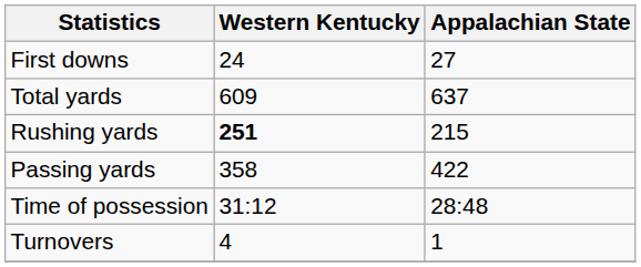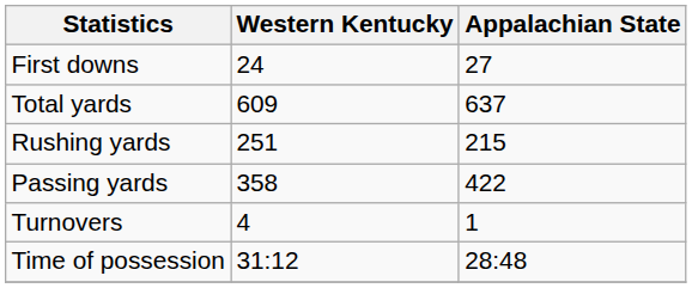 <table class="wikitable">
 <tr>
 <th>Statistics</th>
 <th>Western Kentucky</th>
 <th>Appalachian State</th>
 </tr>
 <tr>
 <td>First downs</td>
 <td>24</td>
 <td>27</td>
 </tr>
 <tr>
 <td>Total yards</td>
 <td>609</td>
 <td>637</td>
 </tr>
 <tr>
 <td>Rushing yards</td>
-<td><strong>251</strong></td>
+<td>251</td>
 <td>215</td>
 </tr>
 <tr>
 <td>Passing yards</td>
 <td>358</td>
 <td>422</td>
 </tr>
 <tr>
+<td>Turnovers</td>
+<td>4</td>
+<td>1</td>
+</tr>
+<tr>
 <td>Time of possession</td>
 <td>31:12</td>
 <td>28:48</td>
 </tr>
 <tr>
-<td>Turnovers</td>
-<td>4</td>
-<td>1</td>
-</tr>
-<tr>
 </tr>
 </table>
